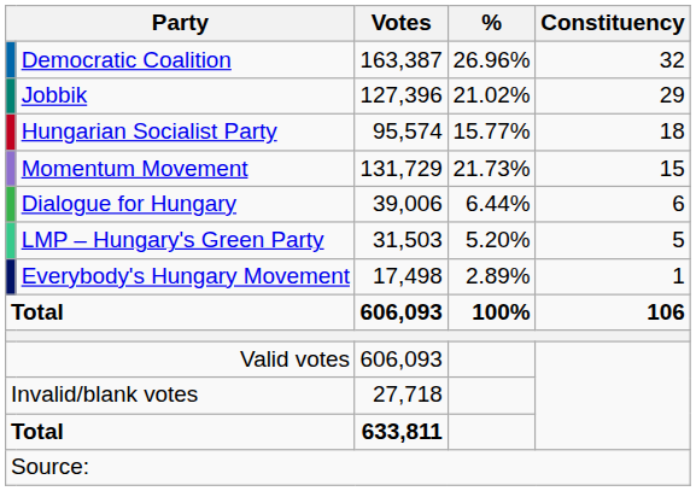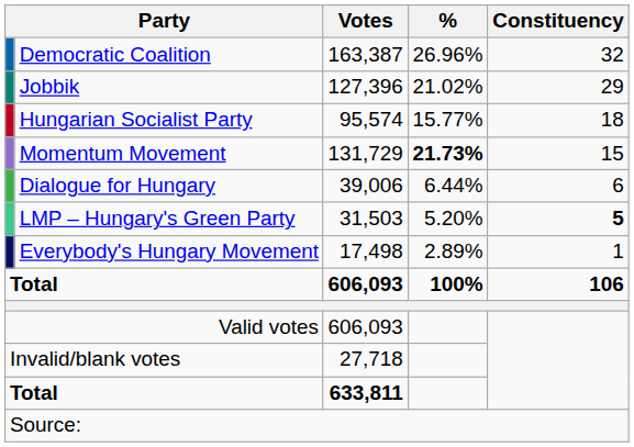 <table class=wikitable style=text-align:right>
 <tr>
 <th colspan=2>Party</th>
 <th>Votes</th>
 <th>%</th>
 <th>Constituency</th>
 </tr>
 <tr>
 <td style=background:#0067aa></td>
 <td align=left><a href='#'>Democratic Coalition</a></td>
 <td>163,387</td>
 <td>26.96%</td>
 <td>32</td>
 </tr>
 <tr>
 <td style=background:#008371></td>
 <td align=left><a href='#'>Jobbik</a></td>
 <td>127,396</td>
 <td>21.02%</td>
 <td>29</td>
 </tr>
 <tr>
 <td style=background:#c1001f></td>
 <td align=left><a href='#'>Hungarian Socialist Party</a></td>
 <td>95,574</td>
 <td>15.77%</td>
 <td>18</td>
 </tr>
 <tr>
 <td style=background:#8e6fce></td>
 <td align=left><a href='#'>Momentum Movement</a></td>
 <td>131,729</td>
-<td>21.73%</td>
+<td><strong>21.73%</strong></td>
 <td>15</td>
 </tr>
 <tr>
 <td style="background:#37B34A"></td>
 <td align="left"><a href='#'>Dialogue for Hungary</a></td>
 <td>39,006</td>
 <td>6.44%</td>
 <td>6</td>
 </tr>
 <tr>
 <td style="background:#36CA8B"></td>
 <td align="left"><a href='#'>LMP – Hungary's Green Party</a></td>
 <td>31,503</td>
 <td>5.20%</td>
-<td>5</td>
+<td><strong>5</strong></td>
 </tr>
 <tr>
 <td style=background:#001166></td>
 <td align=left><a href='#'>Everybody's Hungary Movement</a></td>
 <td>17,498</td>
 <td>2.89%</td>
 <td>1</td>
 </tr>
 <tr style=font-weight:bold>
 <td align=left colspan=2>Total</td>
 <td>606,093</td>
 <td>100%</td>
 <td>106</td>
 </tr>
 <tr>
 <th colspan=5></th>
 </tr>
 <tr>
 <td al=ign=left colspan=2>Valid votes</td>
 <td>606,093</td>
 <td></td>
 <td rowspan=3></td>
 </tr>
 <tr>
 <td align=left colspan=2>Invalid/blank votes</td>
 <td>27,718</td>
 <td></td>
 </tr>
 <tr>
 <td align=left colspan=2><strong>Total</strong></td>
 <td><strong>633,811</strong></td>
 <td><strong></strong></td>
 </tr>
 <tr class=sortbottom>
 <td colspan=5 align=left>Source: </td>
 </tr>
 </table>
